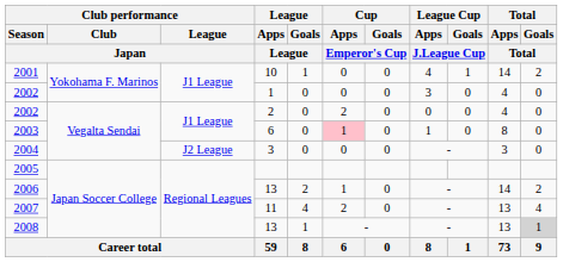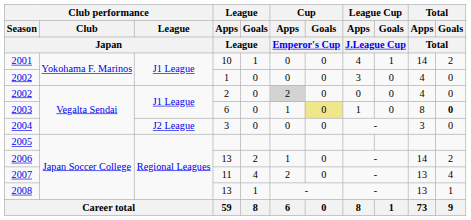 <table class="wikitable" style="text-align:center">
 <tr>
 <th colspan=3>Club performance</th>
 <th colspan=2>League</th>
 <th colspan=2>Cup</th>
 <th colspan=2>League Cup</th>
 <th colspan=2>Total</th>
 </tr>
 <tr>
 <th>Season</th>
 <th>Club</th>
 <th>League</th>
 <th>Apps</th>
 <th>Goals</th>
 <th>Apps</th>
 <th>Goals</th>
 <th>Apps</th>
 <th>Goals</th>
 <th>Apps</th>
 <th>Goals</th>
 </tr>
 <tr>
 <th colspan=3>Japan</th>
 <th colspan=2>League</th>
 <th colspan=2><a href='#'>Emperor's Cup</a></th>
 <th colspan=2><a href='#'>J.League Cup</a></th>
 <th colspan=2>Total</th>
 </tr>
 <tr>
 <td><a href='#'>2001</a></td>
 <td rowspan="2"><a href='#'>Yokohama F. Marinos</a></td>
 <td rowspan="2"><a href='#'>J1 League</a></td>
 <td>10</td>
 <td>1</td>
 <td>0</td>
 <td>0</td>
 <td>4</td>
 <td>1</td>
 <td>14</td>
 <td>2</td>
 </tr>
 <tr>
 <td><a href='#'>2002</a></td>
 <td>1</td>
 <td>0</td>
 <td>0</td>
 <td>0</td>
 <td>3</td>
 <td>0</td>
 <td>4</td>
 <td>0</td>
 </tr>
 <tr>
 <td><a href='#'>2002</a></td>
 <td rowspan="3"><a href='#'>Vegalta Sendai</a></td>
 <td rowspan="2"><a href='#'>J1 League</a></td>
 <td>2</td>
 <td>0</td>
-<td>2</td>
+<td style="background: lightgrey;">2</td>
 <td>0</td>
 <td>0</td>
 <td>0</td>
 <td>4</td>
 <td>0</td>
 </tr>
 <tr>
 <td><a href='#'>2003</a></td>
 <td>6</td>
 <td>0</td>
-<td style="background: pink;">1</td>
-<td>0</td>
+<td>1</td>
+<td style="background: khaki;">0</td>
 <td>1</td>
 <td>0</td>
 <td>8</td>
-<td>0</td>
+<td><strong>0</strong></td>
 </tr>
 <tr>
 <td><a href='#'>2004</a></td>
 <td><a href='#'>J2 League</a></td>
 <td>3</td>
 <td>0</td>
 <td>0</td>
 <td>0</td>
 <td colspan="2">-</td>
 <td>3</td>
 <td>0</td>
 </tr>
 <tr>
 <td><a href='#'>2005</a></td>
 <td rowspan="4"><a href='#'>Japan Soccer College</a></td>
 <td rowspan="4"><a href='#'>Regional Leagues</a></td>
 <td></td>
 <td></td>
 <td></td>
 <td></td>
 <td></td>
 <td></td>
 <td></td>
 <td></td>
 </tr>
 <tr>
 <td><a href='#'>2006</a></td>
 <td>13</td>
 <td>2</td>
 <td>1</td>
 <td>0</td>
 <td colspan="2">-</td>
 <td>14</td>
 <td>2</td>
 </tr>
 <tr>
 <td><a href='#'>2007</a></td>
 <td>11</td>
 <td>4</td>
 <td>2</td>
 <td>0</td>
 <td colspan="2">-</td>
 <td>13</td>
 <td>4</td>
 </tr>
 <tr>
 <td><a href='#'>2008</a></td>
 <td>13</td>
 <td>1</td>
 <td colspan="2">-</td>
 <td colspan="2">-</td>
 <td>13</td>
-<td style="background: lightgrey;">1</td>
+<td>1</td>
 </tr>
 <tr>
 <th colspan=3>Career total</th>
 <th>59</th>
 <th>8</th>
 <th>6</th>
 <th>0</th>
 <th>8</th>
 <th>1</th>
 <th>73</th>
 <th>9</th>
 </tr>
 </table>
